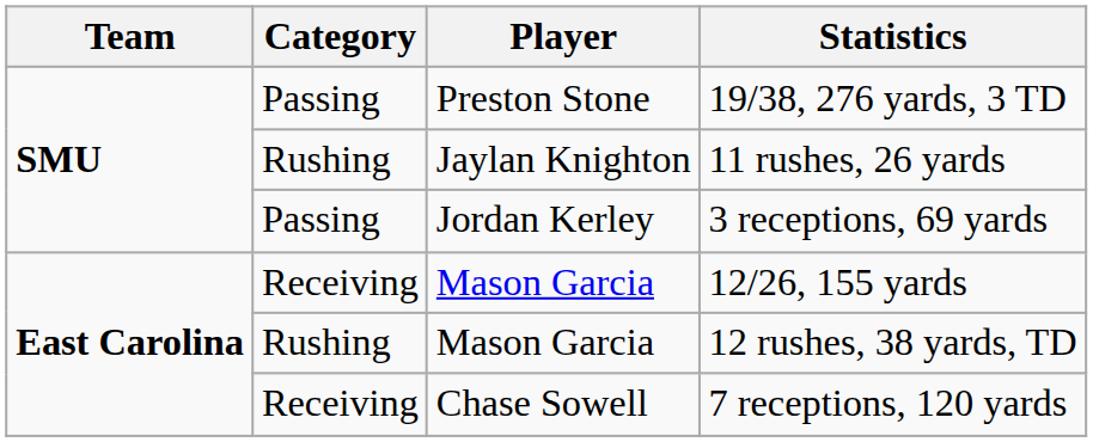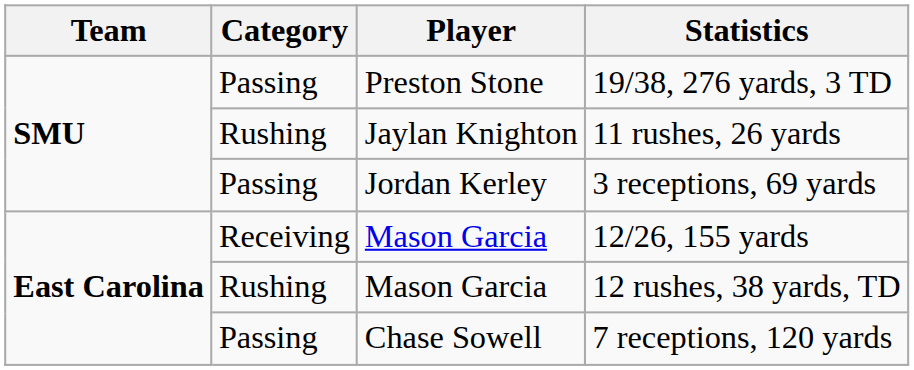 <table class="wikitable" style="float: right;">
 <tr>
 <th>Team</th>
 <th>Category</th>
 <th>Player</th>
 <th>Statistics</th>
 </tr>
 <tr>
 <td rowspan=3><strong>SMU</strong></td>
 <td>Passing</td>
 <td>Preston Stone</td>
 <td>19/38, 276 yards, 3 TD</td>
 </tr>
 <tr>
 <td>Rushing</td>
 <td>Jaylan Knighton</td>
 <td>11 rushes, 26 yards</td>
 </tr>
 <tr>
 <td>Passing</td>
 <td>Jordan Kerley</td>
 <td>3 receptions, 69 yards</td>
 </tr>
 <tr>
 <td rowspan=3><strong>East Carolina</strong></td>
 <td>Receiving</td>
 <td><a href='#'>Mason Garcia</a></td>
 <td>12/26, 155 yards</td>
 </tr>
 <tr>
 <td>Rushing</td>
 <td>Mason Garcia</td>
 <td>12 rushes, 38 yards, TD</td>
 </tr>
 <tr>
-<td>Receiving</td>
+<td>Passing</td>
 <td>Chase Sowell</td>
 <td>7 receptions, 120 yards</td>
 </tr>
 </table>
